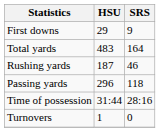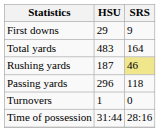 <table class="wikitable" style="float: left;">
 <tr>
 <th>Statistics</th>
 <th>HSU</th>
 <th>SRS</th>
 </tr>
 <tr>
 <td>First downs</td>
 <td>29</td>
 <td>9</td>
 </tr>
 <tr>
 <td>Total yards</td>
 <td>483</td>
 <td>164</td>
 </tr>
 <tr>
 <td>Rushing yards</td>
 <td>187</td>
-<td>46</td>
+<td style="background: khaki;">46</td>
 </tr>
 <tr>
 <td>Passing yards</td>
 <td>296</td>
 <td>118</td>
 </tr>
 <tr>
+<td>Turnovers</td>
+<td>1</td>
+<td>0</td>
+</tr>
+<tr>
 <td>Time of possession</td>
 <td>31:44</td>
 <td>28:16</td>
 </tr>
 <tr>
-<td>Turnovers</td>
-<td>1</td>
-<td>0</td>
-</tr>
-<tr>
 </tr>
 </table>
